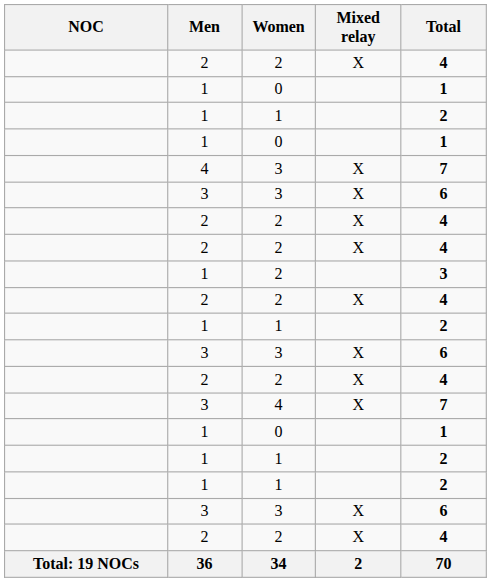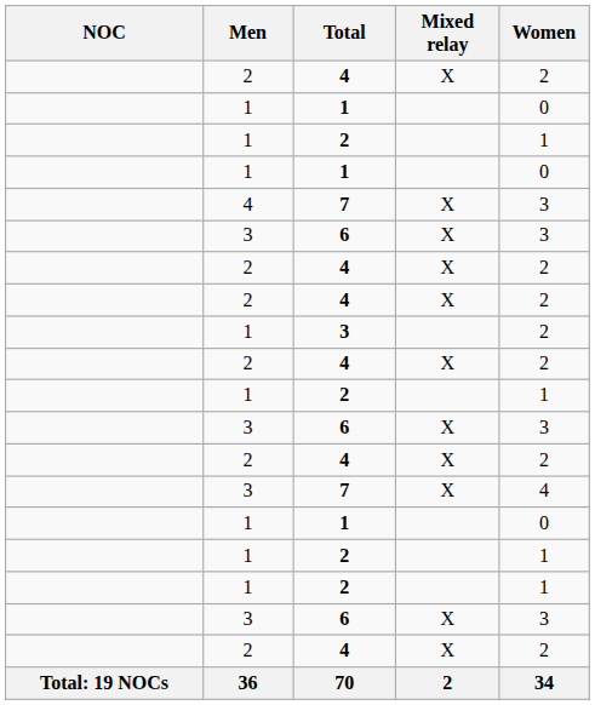 <table class="wikitable" style="text-align:center; font-size:90%">
 <tr>
 <th width=140 align="left">NOC</th>
 <th width=60>Men</th>
+<th width=70>Total</th>
+<th width=70>Mixed relay</th>
 <th width=60>Women</th>
-<th width=70>Mixed relay</th>
-<th width=70>Total</th>
 </tr>
 <tr>
 <td align=left></td>
 <td>2</td>
+<td><strong>4</strong></td>
+<td>X</td>
 <td>2</td>
-<td>X</td>
-<td><strong>4</strong></td>
 </tr>
 <tr>
 <td align=left></td>
 <td>1</td>
+<td><strong>1</strong></td>
+<td></td>
 <td>0</td>
-<td></td>
-<td><strong>1</strong></td>
 </tr>
 <tr>
 <td align=left></td>
 <td>1</td>
+<td><strong>2</strong></td>
+<td></td>
 <td>1</td>
-<td></td>
-<td><strong>2</strong></td>
 </tr>
 <tr>
 <td align=left></td>
 <td>1</td>
+<td><strong>1</strong></td>
+<td></td>
 <td>0</td>
-<td></td>
-<td><strong>1</strong></td>
 </tr>
 <tr>
 <td align=left></td>
 <td>4</td>
+<td><strong>7</strong></td>
+<td>X</td>
 <td>3</td>
-<td>X</td>
-<td><strong>7</strong></td>
 </tr>
 <tr>
 <td align=left></td>
 <td>3</td>
+<td><strong>6</strong></td>
+<td>X</td>
 <td>3</td>
-<td>X</td>
-<td><strong>6</strong></td>
 </tr>
 <tr>
 <td align=left></td>
 <td>2</td>
+<td><strong>4</strong></td>
+<td>X</td>
 <td>2</td>
-<td>X</td>
-<td><strong>4</strong></td>
 </tr>
 <tr>
 <td align=left></td>
 <td>2</td>
+<td><strong>4</strong></td>
+<td>X</td>
 <td>2</td>
-<td>X</td>
-<td><strong>4</strong></td>
 </tr>
 <tr>
 <td align=left></td>
 <td>1</td>
+<td><strong>3</strong></td>
+<td></td>
 <td>2</td>
-<td></td>
-<td><strong>3</strong></td>
 </tr>
 <tr>
 <td align=left></td>
 <td>2</td>
+<td><strong>4</strong></td>
+<td>X</td>
 <td>2</td>
-<td>X</td>
-<td><strong>4</strong></td>
 </tr>
 <tr>
 <td align=left></td>
 <td>1</td>
+<td><strong>2</strong></td>
+<td></td>
 <td>1</td>
-<td></td>
-<td><strong>2</strong></td>
 </tr>
 <tr>
 <td align=left></td>
 <td>3</td>
+<td><strong>6</strong></td>
+<td>X</td>
 <td>3</td>
-<td>X</td>
-<td><strong>6</strong></td>
 </tr>
 <tr>
 <td align=left></td>
 <td>2</td>
+<td><strong>4</strong></td>
+<td>X</td>
 <td>2</td>
-<td>X</td>
-<td><strong>4</strong></td>
 </tr>
 <tr>
 <td align=left></td>
 <td>3</td>
+<td><strong>7</strong></td>
+<td>X</td>
 <td>4</td>
-<td>X</td>
-<td><strong>7</strong></td>
 </tr>
 <tr>
 <td align=left></td>
 <td>1</td>
+<td><strong>1</strong></td>
+<td></td>
 <td>0</td>
-<td></td>
-<td><strong>1</strong></td>
 </tr>
 <tr>
 <td align=left></td>
 <td>1</td>
+<td><strong>2</strong></td>
+<td></td>
 <td>1</td>
-<td></td>
-<td><strong>2</strong></td>
 </tr>
 <tr>
 <td align=left></td>
 <td>1</td>
+<td><strong>2</strong></td>
+<td></td>
 <td>1</td>
-<td></td>
-<td><strong>2</strong></td>
 </tr>
 <tr>
 <td align=left></td>
 <td>3</td>
+<td><strong>6</strong></td>
+<td>X</td>
 <td>3</td>
-<td>X</td>
-<td><strong>6</strong></td>
 </tr>
 <tr>
 <td align=left></td>
 <td>2</td>
+<td><strong>4</strong></td>
+<td>X</td>
 <td>2</td>
-<td>X</td>
-<td><strong>4</strong></td>
 </tr>
 <tr>
 <th>Total: 19 NOCs</th>
 <th>36</th>
+<th>70</th>
+<th>2</th>
 <th>34</th>
-<th>2</th>
-<th>70</th>
 </tr>
 </table>
